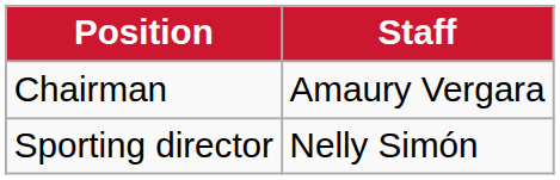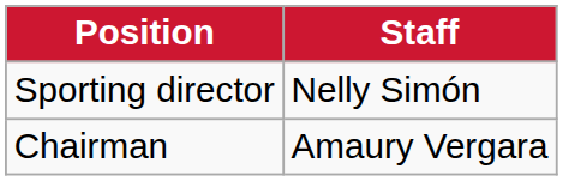 <table class="wikitable">
 <tr>
 <th style=background-color:#CD1731;color:#FFFFFF>Position</th>
 <th style=background-color:#CD1731;color:#FFFFFF>Staff</th>
 </tr>
 <tr>
+<td>Sporting director</td>
+<td> Nelly Simón</td>
+</tr>
+<tr>
 <td>Chairman</td>
 <td> Amaury Vergara</td>
 </tr>
-<tr>
-<td>Sporting director</td>
-<td> Nelly Simón</td>
-</tr>
 </table>
